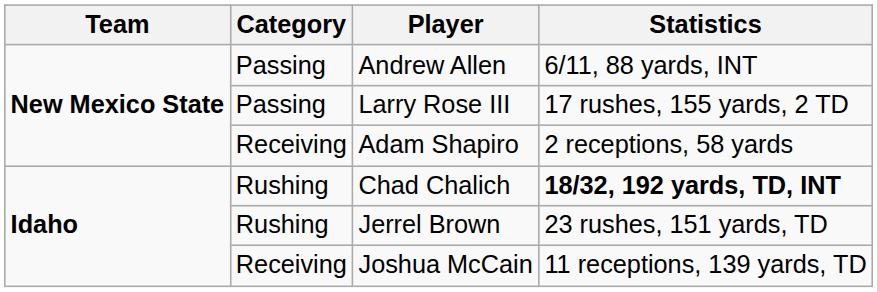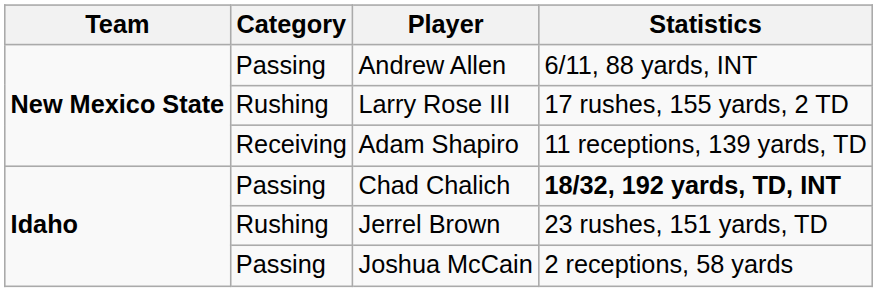 <table class="wikitable" style="float: left;">
 <tr>
 <th>Team</th>
 <th>Category</th>
 <th>Player</th>
 <th>Statistics</th>
 </tr>
 <tr>
 <td rowspan=3><strong>New Mexico State</strong></td>
 <td>Passing</td>
 <td>Andrew Allen</td>
 <td>6/11, 88 yards, INT</td>
 </tr>
 <tr>
-<td>Passing</td>
+<td>Rushing</td>
 <td>Larry Rose III</td>
 <td>17 rushes, 155 yards, 2 TD</td>
 </tr>
 <tr>
 <td>Receiving</td>
 <td>Adam Shapiro</td>
-<td>2 receptions, 58 yards</td>
+<td>11 receptions, 139 yards, TD</td>
 </tr>
 <tr>
 <td rowspan=3><strong>Idaho</strong></td>
-<td>Rushing</td>
+<td>Passing</td>
 <td>Chad Chalich</td>
 <td><strong>18/32, 192 yards, TD, INT</strong></td>
 </tr>
 <tr>
 <td>Rushing</td>
 <td>Jerrel Brown</td>
 <td>23 rushes, 151 yards, TD</td>
 </tr>
 <tr>
-<td>Receiving</td>
+<td>Passing</td>
 <td>Joshua McCain</td>
-<td>11 receptions, 139 yards, TD</td>
+<td>2 receptions, 58 yards</td>
 </tr>
 </table>
